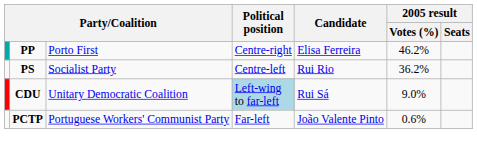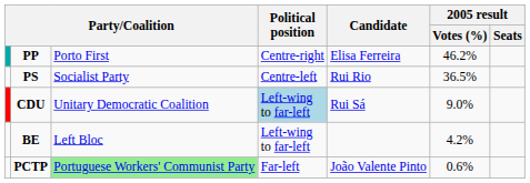 <table class="wikitable">
 <tr>
 <th rowspan="2" colspan="3">Party/Coalition</th>
 <th rowspan="2">Political<br>position</th>
 <th rowspan="2">Candidate</th>
 <th colspan="2">2005 result</th>
 </tr>
 <tr>
 <th>Votes (%)</th>
 <th>Seats</th>
 </tr>
 <tr>
 <td style="color:inherit;background:#00AAAA;"></td>
 <td style="text-align:center;"><strong>PP</strong></td>
 <td><a href='#'>Porto First</a><br> </td>
 <td><a href='#'>Centre-right</a></td>
 <td><a href='#'>Elisa Ferreira</a></td>
 <td style="text-align:center;">46.2%</td>
 <td></td>
 </tr>
 <tr>
 <td style="color:inherit;background:"></td>
 <td style="text-align:center;"><strong>PS</strong></td>
 <td><a href='#'>Socialist Party</a><br></td>
 <td><a href='#'>Centre-left</a></td>
 <td><a href='#'>Rui Rio</a></td>
-<td style="text-align:center;">36.2%</td>
+<td style="text-align:center;">36.5%</td>
 <td></td>
 </tr>
 <tr>
 <td style="background:#f00;"></td>
 <td style="text-align:center;"><strong>CDU</strong></td>
 <td><a href='#'>Unitary Democratic Coalition</a><br> </td>
 <td style="background: lightblue;"><a href='#'>Left-wing</a><br>to <a href='#'>far-left</a></td>
 <td><a href='#'>Rui Sá</a></td>
 <td style="text-align:center;">9.0%</td>
 <td></td>
 </tr>
 <tr>
 <td style="color:inherit;background:"></td>
+<td style="text-align:center;"><strong>BE</strong></td>
+<td><a href='#'>Left Bloc</a><br></td>
+<td><a href='#'>Left-wing</a><br>to <a href='#'>far-left</a></td>
+<td></td>
+<td style="text-align:center;">4.2%</td>
+<td></td>
+</tr>
+<tr>
+<td style="color:inherit;background:"></td>
 <td style="text-align:center;"><strong>PCTP</strong></td>
-<td><a href='#'>Portuguese Workers' Communist Party</a><br></td>
+<td style="background: lightgreen;"><a href='#'>Portuguese Workers' Communist Party</a><br></td>
 <td><a href='#'>Far-left</a></td>
 <td><a href='#'>João Valente Pinto</a></td>
 <td style="text-align:center;">0.6%</td>
 <td></td>
 </tr>
 </table>
